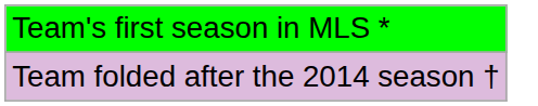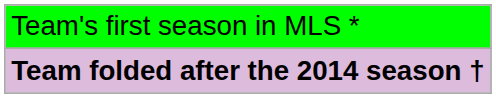 <table class="wikitable">
 <tr>
 <td style="background-color: #0F0;">Team's first season in MLS *</td>
 </tr>
 <tr>
-<td style="background-color: #DBD;">Team folded after the 2014 season †</td>
+<td style="background-color: #DBD;"><strong>Team folded after the 2014 season †</strong></td>
 </tr>
 </table>
